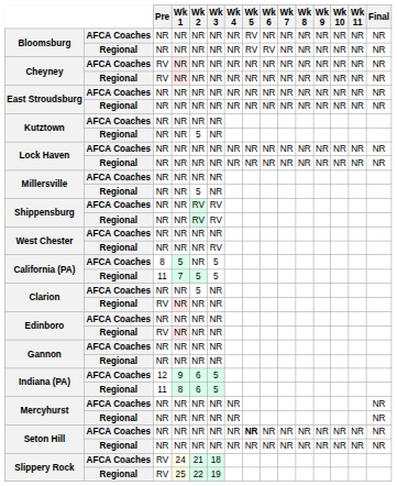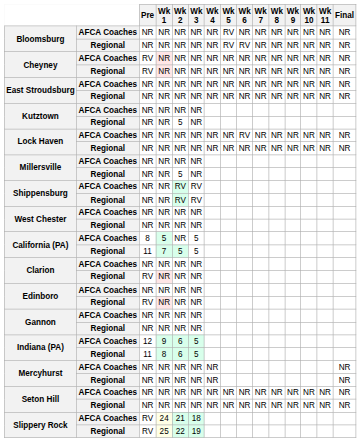 <table class="wikitable" style="white-space:nowrap;font-size:85%;">
 <tr>
 <th colspan=2 style="background:white; border-top-style:hidden; border-left-style:hidden;"> </th>
 <th>Pre</th>
 <th>Wk <br> 1</th>
 <th>Wk <br> 2</th>
 <th>Wk <br> 3</th>
 <th>Wk <br> 4</th>
 <th>Wk <br> 5</th>
 <th>Wk <br> 6</th>
 <th>Wk <br> 7</th>
 <th>Wk <br> 8</th>
 <th>Wk <br> 9</th>
 <th>Wk <br> 10</th>
 <th>Wk <br> 11</th>
 <th>Final</th>
 </tr>
 <tr style="text-align:center;">
 <th rowspan="2">Bloomsburg</th>
 <th>AFCA Coaches</th>
 <td style="background:#FFF;">NR</td>
 <td style="background:#FFF;">NR</td>
 <td style="background:#FFF;">NR</td>
 <td style="background:#FFF;">NR</td>
 <td style="background:#FFF;">NR</td>
 <td style="background:#FFF;">RV</td>
 <td style="background:#FFF;">NR</td>
 <td style="background:#FFF;">NR</td>
 <td style="background:#FFF;">NR</td>
 <td style="background:#FFF;">NR</td>
 <td style="background:#FFF;">NR</td>
 <td style="background:#FFF;">NR</td>
 <td style="background:#FFF;">NR</td>
 </tr>
 <tr style="text-align:center;">
 <th>Regional</th>
 <td style="background:#FFF;">NR</td>
 <td style="background:#FFF;">NR</td>
 <td style="background:#FFF;">NR</td>
 <td style="background:#FFF;">NR</td>
 <td style="background:#FFF;">NR</td>
 <td style="background:#FFF;">RV</td>
 <td style="background:#FFF;">RV</td>
 <td style="background:#FFF;">NR</td>
 <td style="background:#FFF;">NR</td>
 <td style="background:#FFF;">NR</td>
 <td style="background:#FFF;">NR</td>
 <td style="background:#FFF;">NR</td>
 <td style="background:#FFF;">NR</td>
 </tr>
 <tr style="text-align:center;">
 <th rowspan="2">Cheyney</th>
 <th>AFCA Coaches</th>
 <td style="background:#FFF;">RV</td>
 <td style="background:#ffe6e6;">NR</td>
 <td style="background:#FFF;">NR</td>
 <td style="background:#FFF;">NR</td>
 <td style="background:#FFF;">NR</td>
 <td style="background:#FFF;">NR</td>
 <td style="background:#FFF;">NR</td>
 <td style="background:#FFF;">NR</td>
 <td style="background:#FFF;">NR</td>
 <td style="background:#FFF;">NR</td>
 <td style="background:#FFF;">NR</td>
 <td style="background:#FFF;">NR</td>
 <td style="background:#FFF;">NR</td>
 </tr>
 <tr style="text-align:center;">
 <th>Regional</th>
 <td style="background:#FFF;">RV</td>
 <td style="background:#ffe6e6;">NR</td>
 <td style="background:#FFF;">NR</td>
 <td style="background:#FFF;">NR</td>
 <td style="background:#FFF;">NR</td>
 <td style="background:#FFF;">NR</td>
 <td style="background:#FFF;">NR</td>
 <td style="background:#FFF;">NR</td>
 <td style="background:#FFF;">NR</td>
 <td style="background:#FFF;">NR</td>
 <td style="background:#FFF;">NR</td>
 <td style="background:#FFF;">NR</td>
 <td style="background:#FFF;">NR</td>
 </tr>
 <tr style="text-align:center;">
 <th rowspan="2">East Stroudsburg</th>
 <th>AFCA Coaches</th>
 <td style="background:#FFF;">NR</td>
 <td style="background:#FFF;">NR</td>
 <td style="background:#FFF;">NR</td>
 <td style="background:#FFF;">NR</td>
 <td style="background:#FFF;">NR</td>
 <td style="background:#FFF;">NR</td>
 <td style="background:#FFF;">NR</td>
 <td style="background:#FFF;">NR</td>
 <td style="background:#FFF;">NR</td>
 <td style="background:#FFF;">NR</td>
 <td style="background:#FFF;">NR</td>
 <td style="background:#FFF;">NR</td>
 <td style="background:#FFF;">NR</td>
 </tr>
 <tr style="text-align:center;">
 <th>Regional</th>
 <td style="background:#FFF;">NR</td>
 <td style="background:#FFF;">NR</td>
 <td style="background:#FFF;">NR</td>
 <td style="background:#FFF;">NR</td>
 <td style="background:#FFF;">NR</td>
 <td style="background:#FFF;">NR</td>
 <td style="background:#FFF;">NR</td>
 <td style="background:#FFF;">NR</td>
 <td style="background:#FFF;">NR</td>
 <td style="background:#FFF;">NR</td>
 <td style="background:#FFF;">NR</td>
 <td style="background:#FFF;">NR</td>
 <td style="background:#FFF;">NR</td>
 </tr>
 <tr style="text-align:center;">
 <th rowspan="2">Kutztown</th>
 <th>AFCA Coaches</th>
 <td style="background:#FFF;">NR</td>
 <td style="background:#FFF;">NR</td>
 <td style="background:#FFF;">NR</td>
 <td style="background:#FFF;">NR</td>
 <td style="background:#FFF;"></td>
 <td style="background:#FFF;"></td>
 <td style="background:#FFF;"></td>
 <td style="background:#FFF;"></td>
 <td style="background:#FFF;"></td>
 <td style="background:#FFF;"></td>
 <td style="background:#FFF;"></td>
 <td style="background:#FFF;"></td>
 <td style="background:#FFF;"></td>
 </tr>
 <tr style="text-align:center;">
 <th>Regional</th>
 <td style="background:#FFF;">NR</td>
 <td style="background:#FFF;">NR</td>
 <td style="background:#FFF;">5</td>
 <td style="background:#FFF;">NR</td>
 <td style="background:#FFF;"></td>
 <td style="background:#FFF;"></td>
 <td style="background:#FFF;"></td>
 <td style="background:#FFF;"></td>
 <td style="background:#FFF;"></td>
 <td style="background:#FFF;"></td>
 <td style="background:#FFF;"></td>
 <td style="background:#FFF;"></td>
 <td style="background:#FFF;"></td>
 </tr>
 <tr style="text-align:center;">
 <th rowspan="2">Lock Haven</th>
 <th>AFCA Coaches</th>
 <td style="background:#FFF;">NR</td>
 <td style="background:#FFF;">NR</td>
 <td style="background:#FFF;">NR</td>
 <td style="background:#FFF;">NR</td>
 <td style="background:#FFF;">NR</td>
 <td style="background:#FFF;">NR</td>
-<td style="background:#FFF;">NR</td>
+<td style="background:#FFF;">RV</td>
 <td style="background:#FFF;">NR</td>
 <td style="background:#FFF;">NR</td>
 <td style="background:#FFF;">NR</td>
 <td style="background:#FFF;">NR</td>
 <td style="background:#FFF;">NR</td>
 <td style="background:#FFF;">NR</td>
 </tr>
 <tr style="text-align:center;">
 <th>Regional</th>
 <td style="background:#FFF;">NR</td>
 <td style="background:#FFF;">NR</td>
 <td style="background:#FFF;">NR</td>
 <td style="background:#FFF;">NR</td>
 <td style="background:#FFF;">NR</td>
 <td style="background:#FFF;">NR</td>
 <td style="background:#FFF;">NR</td>
 <td style="background:#FFF;">NR</td>
 <td style="background:#FFF;">NR</td>
 <td style="background:#FFF;">NR</td>
 <td style="background:#FFF;">NR</td>
 <td style="background:#FFF;">NR</td>
 <td style="background:#FFF;">NR</td>
 </tr>
 <tr style="text-align:center;">
 <th rowspan="2">Millersville</th>
 <th>AFCA Coaches</th>
 <td style="background:#FFF;">NR</td>
 <td style="background:#FFF;">NR</td>
 <td style="background:#FFF;">NR</td>
 <td style="background:#FFF;">NR</td>
 <td style="background:#FFF;"></td>
 <td style="background:#FFF;"></td>
 <td style="background:#FFF;"></td>
 <td style="background:#FFF;"></td>
 <td style="background:#FFF;"></td>
 <td style="background:#FFF;"></td>
 <td style="background:#FFF;"></td>
 <td style="background:#FFF;"></td>
 <td style="background:#FFF;"></td>
 </tr>
 <tr style="text-align:center;">
 <th>Regional</th>
 <td style="background:#FFF;">NR</td>
 <td style="background:#FFF;">NR</td>
 <td style="background:#FFF;">5</td>
 <td style="background:#FFF;">NR</td>
 <td style="background:#FFF;"></td>
 <td style="background:#FFF;"></td>
 <td style="background:#FFF;"></td>
 <td style="background:#FFF;"></td>
 <td style="background:#FFF;"></td>
 <td style="background:#FFF;"></td>
 <td style="background:#FFF;"></td>
 <td style="background:#FFF;"></td>
 <td style="background:#FFF;"></td>
 </tr>
 <tr style="text-align:center;">
 <th rowspan="2">Shippensburg</th>
 <th>AFCA Coaches</th>
 <td style="background:#FFF;">NR</td>
 <td style="background:#FFF;">NR</td>
 <td style="background:#d8ffeb;">RV</td>
 <td style="background:#FFF;">RV</td>
 <td style="background:#FFF;"></td>
 <td style="background:#FFF;"></td>
 <td style="background:#FFF;"></td>
 <td style="background:#FFF;"></td>
 <td style="background:#FFF;"></td>
 <td style="background:#FFF;"></td>
 <td style="background:#FFF;"></td>
 <td style="background:#FFF;"></td>
 <td style="background:#FFF;"></td>
 </tr>
 <tr style="text-align:center;">
 <th>Regional</th>
 <td style="background:#FFF;">NR</td>
 <td style="background:#FFF;">NR</td>
 <td style="background:#d8ffeb;">RV</td>
 <td style="background:#FFF;">RV</td>
 <td style="background:#FFF;"></td>
 <td style="background:#FFF;"></td>
 <td style="background:#FFF;"></td>
 <td style="background:#FFF;"></td>
 <td style="background:#FFF;"></td>
 <td style="background:#FFF;"></td>
 <td style="background:#FFF;"></td>
 <td style="background:#FFF;"></td>
 <td style="background:#FFF;"></td>
 </tr>
 <tr style="text-align:center;">
 <th rowspan="2">West Chester</th>
 <th>AFCA Coaches</th>
 <td style="background:#FFF;">NR</td>
 <td style="background:#FFF;">NR</td>
 <td style="background:#FFF;">NR</td>
 <td style="background:#FFF;">NR</td>
 <td style="background:#FFF;"></td>
 <td style="background:#FFF;"></td>
 <td style="background:#FFF;"></td>
 <td style="background:#FFF;"></td>
 <td style="background:#FFF;"></td>
 <td style="background:#FFF;"></td>
 <td style="background:#FFF;"></td>
 <td style="background:#FFF;"></td>
 <td style="background:#FFF;"></td>
 </tr>
 <tr style="text-align:center;">
 <th>Regional</th>
 <td style="background:#FFF;">NR</td>
 <td style="background:#FFF;">NR</td>
 <td style="background:#FFF;">NR</td>
-<td style="background:#FFF;">RV</td>
+<td style="background:#FFF;">NR</td>
 <td style="background:#FFF;"></td>
 <td style="background:#FFF;"></td>
 <td style="background:#FFF;"></td>
 <td style="background:#FFF;"></td>
 <td style="background:#FFF;"></td>
 <td style="background:#FFF;"></td>
 <td style="background:#FFF;"></td>
 <td style="background:#FFF;"></td>
 <td style="background:#FFF;"></td>
 </tr>
 <tr style="text-align:center;">
 <th rowspan="2">California (PA)</th>
 <th>AFCA Coaches</th>
 <td style="background:#FFF;">8</td>
 <td style="background:#d8ffeb;">5</td>
 <td style="background:#FFF;">NR</td>
 <td style="background:#FFF;">5</td>
 <td style="background:#FFF;"></td>
 <td style="background:#FFF;"></td>
 <td style="background:#FFF;"></td>
 <td style="background:#FFF;"></td>
 <td style="background:#FFF;"></td>
 <td style="background:#FFF;"></td>
 <td style="background:#FFF;"></td>
 <td style="background:#FFF;"></td>
 <td style="background:#FFF;"></td>
 </tr>
 <tr style="text-align:center;">
 <th>Regional</th>
 <td style="background:#FFF;">11</td>
 <td style="background:#d8ffeb;">7</td>
 <td style="background:#d8ffeb;">5</td>
 <td style="background:#FFF;">5</td>
 <td style="background:#FFF;"></td>
 <td style="background:#FFF;"></td>
 <td style="background:#FFF;"></td>
 <td style="background:#FFF;"></td>
 <td style="background:#FFF;"></td>
 <td style="background:#FFF;"></td>
 <td style="background:#FFF;"></td>
 <td style="background:#FFF;"></td>
 <td style="background:#FFF;"></td>
 </tr>
 <tr style="text-align:center;">
 <th rowspan="2">Clarion</th>
 <th>AFCA Coaches</th>
 <td style="background:#FFF;">NR</td>
 <td style="background:#FFF;">NR</td>
-<td style="background:#FFF;">5</td>
+<td style="background:#FFF;">NR</td>
 <td style="background:#FFF;">NR</td>
 <td style="background:#FFF;"></td>
 <td style="background:#FFF;"></td>
 <td style="background:#FFF;"></td>
 <td style="background:#FFF;"></td>
 <td style="background:#FFF;"></td>
 <td style="background:#FFF;"></td>
 <td style="background:#FFF;"></td>
 <td style="background:#FFF;"></td>
 <td style="background:#FFF;"></td>
 </tr>
 <tr style="text-align:center;">
 <th>Regional</th>
 <td style="background:#FFF;">RV</td>
 <td style="background:#ffe6e6;">NR</td>
 <td style="background:#FFF;">NR</td>
 <td style="background:#FFF;">NR</td>
 <td style="background:#FFF;"></td>
 <td style="background:#FFF;"></td>
 <td style="background:#FFF;"></td>
 <td style="background:#FFF;"></td>
 <td style="background:#FFF;"></td>
 <td style="background:#FFF;"></td>
 <td style="background:#FFF;"></td>
 <td style="background:#FFF;"></td>
 <td style="background:#FFF;"></td>
 </tr>
 <tr style="text-align:center;">
 <th rowspan="2">Edinboro</th>
 <th>AFCA Coaches</th>
 <td style="background:#FFF;">NR</td>
 <td style="background:#FFF;">NR</td>
 <td style="background:#FFF;">NR</td>
 <td style="background:#FFF;">NR</td>
 <td style="background:#FFF;"></td>
 <td style="background:#FFF;"></td>
 <td style="background:#FFF;"></td>
 <td style="background:#FFF;"></td>
 <td style="background:#FFF;"></td>
 <td style="background:#FFF;"></td>
 <td style="background:#FFF;"></td>
 <td style="background:#FFF;"></td>
 <td style="background:#FFF;"></td>
 </tr>
 <tr style="text-align:center;">
 <th>Regional</th>
 <td style="background:#FFF;">RV</td>
 <td style="background:#ffe6e6;">NR</td>
 <td style="background:#FFF;">NR</td>
 <td style="background:#FFF;">NR</td>
 <td style="background:#FFF;"></td>
 <td style="background:#FFF;"></td>
 <td style="background:#FFF;"></td>
 <td style="background:#FFF;"></td>
 <td style="background:#FFF;"></td>
 <td style="background:#FFF;"></td>
 <td style="background:#FFF;"></td>
 <td style="background:#FFF;"></td>
 <td style="background:#FFF;"></td>
 </tr>
 <tr style="text-align:center;">
 <th rowspan="2">Gannon</th>
 <th>AFCA Coaches</th>
 <td style="background:#FFF;">NR</td>
 <td style="background:#FFF;">NR</td>
 <td style="background:#FFF;">NR</td>
 <td style="background:#FFF;">NR</td>
 <td style="background:#FFF;"></td>
 <td style="background:#FFF;"></td>
 <td style="background:#FFF;"></td>
 <td style="background:#FFF;"></td>
 <td style="background:#FFF;"></td>
 <td style="background:#FFF;"></td>
 <td style="background:#FFF;"></td>
 <td style="background:#FFF;"></td>
 <td style="background:#FFF;"></td>
 </tr>
 <tr style="text-align:center;">
 <th>Regional</th>
 <td style="background:#FFF;">NR</td>
 <td style="background:#FFF;">NR</td>
 <td style="background:#FFF;">NR</td>
 <td style="background:#FFF;">NR</td>
 <td style="background:#FFF;"></td>
 <td style="background:#FFF;"></td>
 <td style="background:#FFF;"></td>
 <td style="background:#FFF;"></td>
 <td style="background:#FFF;"></td>
 <td style="background:#FFF;"></td>
 <td style="background:#FFF;"></td>
 <td style="background:#FFF;"></td>
 <td style="background:#FFF;"></td>
 </tr>
 <tr style="text-align:center;">
 <th rowspan="2">Indiana (PA)</th>
 <th>AFCA Coaches</th>
 <td style="background:#FFF;">12</td>
 <td style="background:#d8ffeb;">9</td>
 <td style="background:#d8ffeb;">6</td>
 <td style="background:#d8ffeb;">5</td>
 <td style="background:#FFF;"></td>
 <td style="background:#FFF;"></td>
 <td style="background:#FFF;"></td>
 <td style="background:#FFF;"></td>
 <td style="background:#FFF;"></td>
 <td style="background:#FFF;"></td>
 <td style="background:#FFF;"></td>
 <td style="background:#FFF;"></td>
 <td style="background:#FFF;"></td>
 </tr>
 <tr style="text-align:center;">
 <th>Regional</th>
 <td style="background:#FFF;">11</td>
 <td style="background:#d8ffeb;">8</td>
 <td style="background:#d8ffeb;">6</td>
 <td style="background:#d8ffeb;">5</td>
 <td style="background:#FFF;"></td>
 <td style="background:#FFF;"></td>
 <td style="background:#FFF;"></td>
 <td style="background:#FFF;"></td>
 <td style="background:#FFF;"></td>
 <td style="background:#FFF;"></td>
 <td style="background:#FFF;"></td>
 <td style="background:#FFF;"></td>
 <td style="background:#FFF;"></td>
 </tr>
 <tr style="text-align:center;">
 <th rowspan="2">Mercyhurst</th>
 <th>AFCA Coaches</th>
 <td style="background:#FFF;">NR</td>
 <td style="background:#FFF;">NR</td>
 <td style="background:#FFF;">NR</td>
 <td style="background:#FFF;">NR</td>
 <td style="background:#FFF;">NR</td>
 <td style="background:#FFF;"></td>
 <td style="background:#FFF;"></td>
 <td style="background:#FFF;"></td>
 <td style="background:#FFF;"></td>
 <td style="background:#FFF;"></td>
 <td style="background:#FFF;"></td>
 <td style="background:#FFF;"></td>
 <td style="background:#FFF;">NR</td>
 </tr>
 <tr style="text-align:center;">
 <th>Regional</th>
 <td style="background:#FFF;">NR</td>
 <td style="background:#FFF;">NR</td>
 <td style="background:#FFF;">NR</td>
 <td style="background:#FFF;">NR</td>
 <td style="background:#FFF;">NR</td>
 <td style="background:#FFF;"></td>
 <td style="background:#FFF;"></td>
 <td style="background:#FFF;"></td>
 <td style="background:#FFF;"></td>
 <td style="background:#FFF;"></td>
 <td style="background:#FFF;"></td>
 <td style="background:#FFF;"></td>
 <td style="background:#FFF;">NR</td>
 </tr>
 <tr style="text-align:center;">
 <th rowspan="2">Seton Hill</th>
 <th>AFCA Coaches</th>
 <td style="background:#FFF;">NR</td>
 <td style="background:#FFF;">NR</td>
 <td style="background:#FFF;">NR</td>
 <td style="background:#FFF;">NR</td>
 <td style="background:#FFF;">NR</td>
-<td style="background:#FFF;"><strong>NR</strong></td>
+<td style="background:#FFF;">NR</td>
 <td style="background:#FFF;">NR</td>
 <td style="background:#FFF;">NR</td>
 <td style="background:#FFF;">NR</td>
 <td style="background:#FFF;">NR</td>
 <td style="background:#FFF;">NR</td>
 <td style="background:#FFF;">NR</td>
 <td style="background:#FFF;">NR</td>
 </tr>
 <tr style="text-align:center;">
 <th>Regional</th>
 <td style="background:#FFF;">NR</td>
 <td style="background:#FFF;">NR</td>
 <td style="background:#FFF;">NR</td>
 <td style="background:#FFF;">NR</td>
 <td style="background:#FFF;">NR</td>
 <td style="background:#FFF;">NR</td>
 <td style="background:#FFF;">NR</td>
 <td style="background:#FFF;">NR</td>
 <td style="background:#FFF;">NR</td>
 <td style="background:#FFF;">NR</td>
 <td style="background:#FFF;">NR</td>
 <td style="background:#FFF;">NR</td>
 <td style="background:#FFF;">NR</td>
 </tr>
 <tr style="text-align:center;">
 <th rowspan="2">Slippery Rock</th>
 <th>AFCA Coaches</th>
 <td style="background:#FFF;">RV</td>
 <td style="background:#ffffe6;">24</td>
 <td style="background:#d8ffeb;">21</td>
 <td style="background:#d8ffeb;">18</td>
 <td style="background:#FFF;"></td>
 <td style="background:#FFF;"></td>
 <td style="background:#FFF;"></td>
 <td style="background:#FFF;"></td>
 <td style="background:#FFF;"></td>
 <td style="background:#FFF;"></td>
 <td style="background:#FFF;"></td>
 <td style="background:#FFF;"></td>
 <td style="background:#FFF;"></td>
 </tr>
 <tr style="text-align:center;">
 <th>Regional</th>
 <td style="background:#FFF;">RV</td>
 <td style="background:#ffffe6;">25</td>
 <td style="background:#d8ffeb;">22</td>
 <td style="background:#d8ffeb;">19</td>
 <td style="background:#FFF;"></td>
 <td style="background:#FFF;"></td>
 <td style="background:#FFF;"></td>
 <td style="background:#FFF;"></td>
 <td style="background:#FFF;"></td>
 <td style="background:#FFF;"></td>
 <td style="background:#FFF;"></td>
 <td style="background:#FFF;"></td>
 <td style="background:#FFF;"></td>
 </tr>
 </table>
